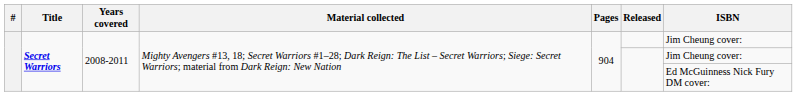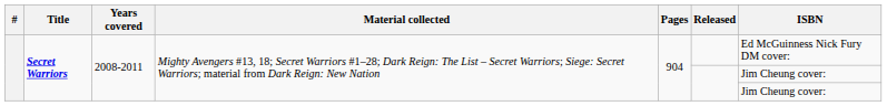 <table class="wikitable sortable" width="99%">
 <tr>
 <th class="unsortable" width="20px">#</th>
 <th>Title</th>
 <th>Years covered</th>
 <th class="unsortable">Material collected</th>
 <th>Pages</th>
 <th>Released</th>
 <th class="unsortable">ISBN</th>
 </tr>
 <tr>
 <th rowspan="3" style="background-color: light grey;"></th>
 <td rowspan="3"><strong><em><a href='#'>Secret Warriors</a></em></strong></td>
 <td rowspan="3">2008-2011</td>
 <td rowspan="3"><em>Mighty Avengers</em> #13, 18; <em>Secret Warriors</em> #1–28; <em>Dark Reign: The List – Secret Warriors</em>; <em>Siege: Secret Warriors</em>; material from <em>Dark Reign: New Nation</em></td>
 <td rowspan="3" style="text-align: center;">904</td>
 <td></td>
-<td>Jim Cheung cover: </td>
+<td>Ed McGuinness Nick Fury DM cover: </td>
 </tr>
 <tr>
 <td rowspan="2"></td>
 <td>Jim Cheung cover: </td>
 </tr>
 <tr>
-<td>Ed McGuinness Nick Fury DM cover: </td>
+<td>Jim Cheung cover: </td>
 </tr>
 </table>
